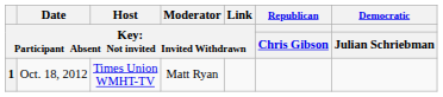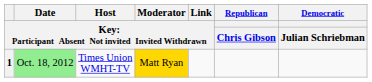 <table class="wikitable" style="text-align:center;">
 <tr>
 <th scope="col"></th>
 <th scope="col">Date</th>
 <th scope="col">Host</th>
 <th scope="col">Moderator</th>
 <th scope="col">Link</th>
 <th scope="col"><small><a href='#'>Republican</a></small></th>
 <th scope="col"><small><a href='#'>Democratic</a></small></th>
 </tr>
 <tr>
 <th colspan="5" rowspan="2">Key:<br> <small>Participant </small>  <small>Absent </small>  <small>Not invited </small>  <small>Invited  Withdrawn</small></th>
 <th scope="col" style="background:"></th>
 <th scope="col" style="background:"></th>
 </tr>
 <tr>
 <th scope="col"><a href='#'>Chris Gibson</a></th>
 <th scope="col">Julian Schriebman</th>
 </tr>
 <tr>
 <th>1</th>
-<td style="white-space:nowrap;">Oct. 18, 2012</td>
+<td style="background: lightgreen; white-space:nowrap;">Oct. 18, 2012</td>
 <td style="white-space:nowrap;"><a href='#'>Times Union</a><br><a href='#'>WMHT-TV</a></td>
-<td style="white-space:nowrap;">Matt Ryan</td>
+<td style="background: gold; white-space:nowrap;">Matt Ryan</td>
 <td style="white-space:nowrap;"></td>
 <td></td>
 <td></td>
 </tr>
 </table>
